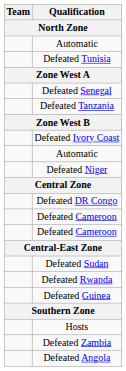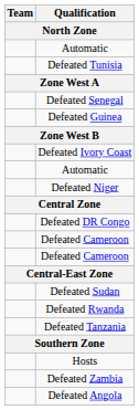 <table class="wikitable">
 <tr>
 <th>Team</th>
 <th>Qualification</th>
 </tr>
 <tr>
 <th colspan=2>North Zone</th>
 </tr>
 <tr>
 <td align=left></td>
 <td align=center>Automatic</td>
 </tr>
 <tr>
 <td align=left></td>
 <td align=center>Defeated <a href='#'>Tunisia</a></td>
 </tr>
 <tr>
 <th colspan=2>Zone West A</th>
 </tr>
 <tr>
 <td align=left></td>
 <td align=center>Defeated <a href='#'>Senegal</a></td>
 </tr>
 <tr>
 <td align=left></td>
-<td align=center>Defeated <a href='#'>Tanzania</a></td>
+<td align=center>Defeated <a href='#'>Guinea</a></td>
 </tr>
 <tr>
 <th colspan=2>Zone West B</th>
 </tr>
 <tr>
 <td align=left></td>
 <td align=center>Defeated <a href='#'>Ivory Coast</a></td>
 </tr>
 <tr>
 <td align=left></td>
 <td align=center>Automatic</td>
 </tr>
 <tr>
 <td align=left></td>
 <td align=center>Defeated <a href='#'>Niger</a></td>
 </tr>
 <tr>
 <th colspan=2>Central Zone</th>
 </tr>
 <tr>
 <td align=left></td>
 <td align=center>Defeated <a href='#'>DR Congo</a></td>
 </tr>
 <tr>
 <td align=left></td>
 <td align=center>Defeated <a href='#'>Cameroon</a></td>
 </tr>
 <tr>
 <td align=left></td>
 <td align=center>Defeated <a href='#'>Cameroon</a></td>
 </tr>
 <tr>
 <th colspan=2>Central-East Zone</th>
 </tr>
 <tr>
 <td align=left></td>
 <td align=center>Defeated <a href='#'>Sudan</a></td>
 </tr>
 <tr>
 <td align=left></td>
 <td align=center>Defeated <a href='#'>Rwanda</a></td>
 </tr>
 <tr>
 <td align=left></td>
-<td align=center>Defeated <a href='#'>Guinea</a></td>
+<td align=center>Defeated <a href='#'>Tanzania</a></td>
 </tr>
 <tr>
 <th colspan=2>Southern Zone</th>
 </tr>
 <tr>
 <td align=left></td>
 <td align=center>Hosts</td>
 </tr>
 <tr>
 <td align=left></td>
 <td align=center>Defeated <a href='#'>Zambia</a></td>
 </tr>
 <tr>
 <td align=left></td>
 <td align=center>Defeated <a href='#'>Angola</a></td>
 </tr>
 </table>
